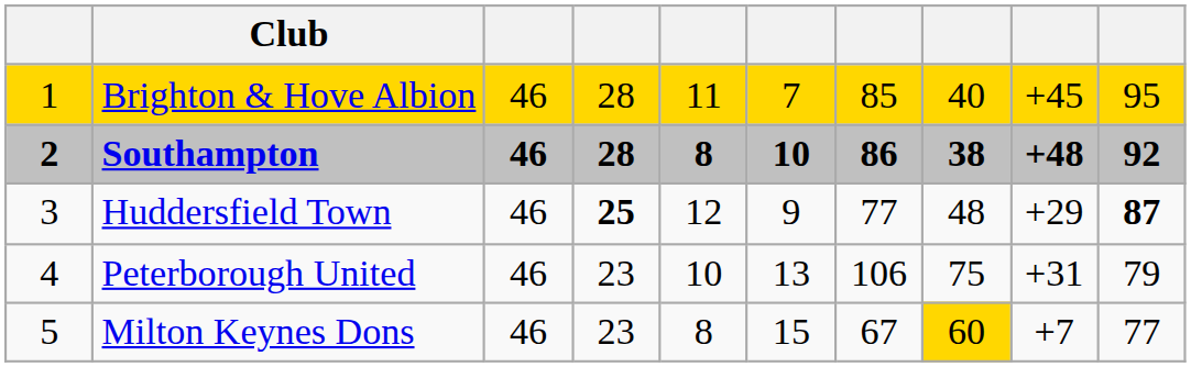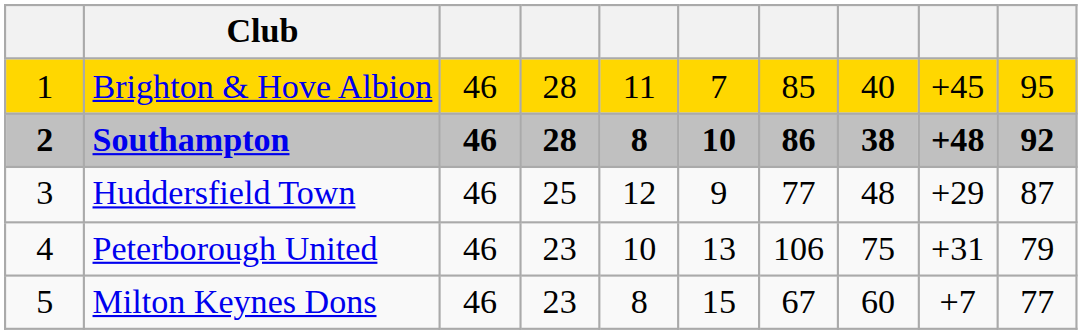 <table class="wikitable" style="text-align:center">
 <tr>
 <th width=30></th>
 <th>Club</th>
 <th width=30></th>
 <th width=30></th>
 <th width=30></th>
 <th width=30></th>
 <th width=30></th>
 <th width=30></th>
 <th width=30></th>
 <th width=30></th>
 </tr>
 <tr style="background:gold;">
 <td>1</td>
 <td align=left><a href='#'>Brighton & Hove Albion</a></td>
 <td>46</td>
 <td>28</td>
 <td>11</td>
 <td>7</td>
 <td>85</td>
 <td>40</td>
 <td>+45</td>
 <td>95</td>
 </tr>
 <tr style="background:silver;">
 <td><strong>2</strong></td>
 <td align=left><strong><a href='#'>Southampton</a></strong></td>
 <td><strong>46</strong></td>
 <td><strong>28</strong></td>
 <td><strong>8</strong></td>
 <td><strong>10</strong></td>
 <td><strong>86</strong></td>
 <td><strong>38</strong></td>
 <td><strong>+48</strong></td>
 <td><strong>92</strong></td>
 </tr>
 <tr>
 <td>3</td>
 <td align=left><a href='#'>Huddersfield Town</a></td>
 <td>46</td>
-<td><strong>25</strong></td>
+<td>25</td>
 <td>12</td>
 <td>9</td>
 <td>77</td>
 <td>48</td>
 <td>+29</td>
-<td><strong>87</strong></td>
+<td>87</td>
 </tr>
 <tr>
 <td>4</td>
 <td align=left><a href='#'>Peterborough United</a></td>
 <td>46</td>
 <td>23</td>
 <td>10</td>
 <td>13</td>
 <td>106</td>
 <td>75</td>
 <td>+31</td>
 <td>79</td>
 </tr>
 <tr>
 <td>5</td>
 <td align=left><a href='#'>Milton Keynes Dons</a></td>
 <td>46</td>
 <td>23</td>
 <td>8</td>
 <td>15</td>
 <td>67</td>
-<td style="background: gold;">60</td>
+<td>60</td>
 <td>+7</td>
 <td>77</td>
 </tr>
 </table>
